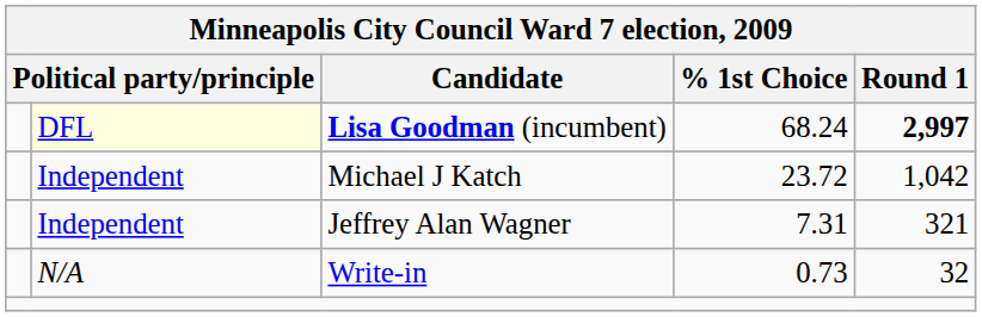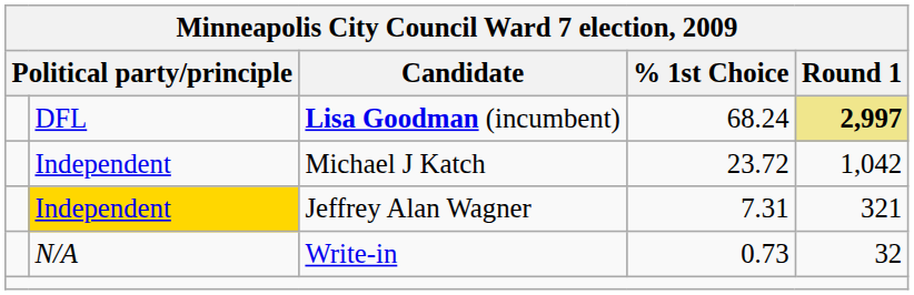 <table class="wikitable" style="font-size:95%">
 <tr>
 <th colspan="5">Minneapolis City Council Ward 7 election, 2009</th>
 </tr>
 <tr>
 <th colspan="2">Political party/principle</th>
 <th>Candidate</th>
 <th>% 1st Choice</th>
 <th>Round 1</th>
 </tr>
 <tr>
 <td style="background-color:"></td>
-<td style="background: lightyellow;"><a href='#'>DFL</a></td>
+<td><a href='#'>DFL</a></td>
 <td><strong><a href='#'>Lisa Goodman</a></strong> (incumbent)</td>
 <td align="right">68.24</td>
-<td align="right"><strong>2,997</strong></td>
+<td align="right" style="background: khaki;"><strong>2,997</strong></td>
 </tr>
 <tr>
 <td style="background-color:"></td>
 <td><a href='#'>Independent</a></td>
 <td>Michael J Katch</td>
 <td align="right">23.72</td>
 <td align="right">1,042</td>
 </tr>
 <tr>
 <td style="background-color:"></td>
-<td><a href='#'>Independent</a></td>
+<td style="background: gold;"><a href='#'>Independent</a></td>
 <td>Jeffrey Alan Wagner</td>
 <td align="right">7.31</td>
 <td align="right">321</td>
 </tr>
 <tr>
 <td style="background-color:"></td>
 <td><em>N/A</em></td>
 <td><a href='#'>Write-in</a></td>
 <td align="right">0.73</td>
 <td align="right">32</td>
 </tr>
 <tr>
 <td colspan="5"></td>
 </tr>
 </table>
